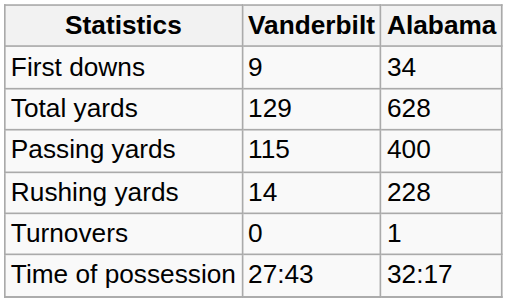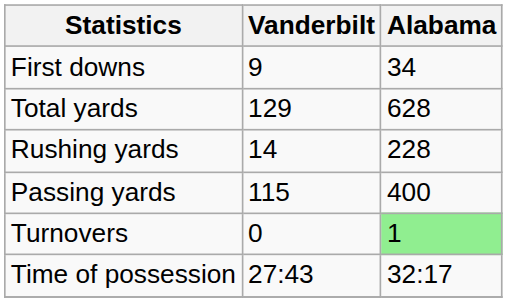 <table class="wikitable" style="float: left;">
 <tr>
 <th>Statistics</th>
 <th>Vanderbilt</th>
 <th>Alabama</th>
 </tr>
 <tr>
 <td>First downs</td>
 <td>9</td>
 <td>34</td>
 </tr>
 <tr>
 <td>Total yards</td>
 <td>129</td>
 <td>628</td>
 </tr>
 <tr>
+<td>Rushing yards</td>
+<td>14</td>
+<td>228</td>
+</tr>
+<tr>
 <td>Passing yards</td>
 <td>115</td>
 <td>400</td>
 </tr>
 <tr>
-<td>Rushing yards</td>
-<td>14</td>
-<td>228</td>
-</tr>
-<tr>
 <td>Turnovers</td>
 <td>0</td>
-<td>1</td>
+<td style="background: lightgreen;">1</td>
 </tr>
 <tr>
 <td>Time of possession</td>
 <td>27:43</td>
 <td>32:17</td>
 </tr>
 <tr>
 </tr>
 </table>
